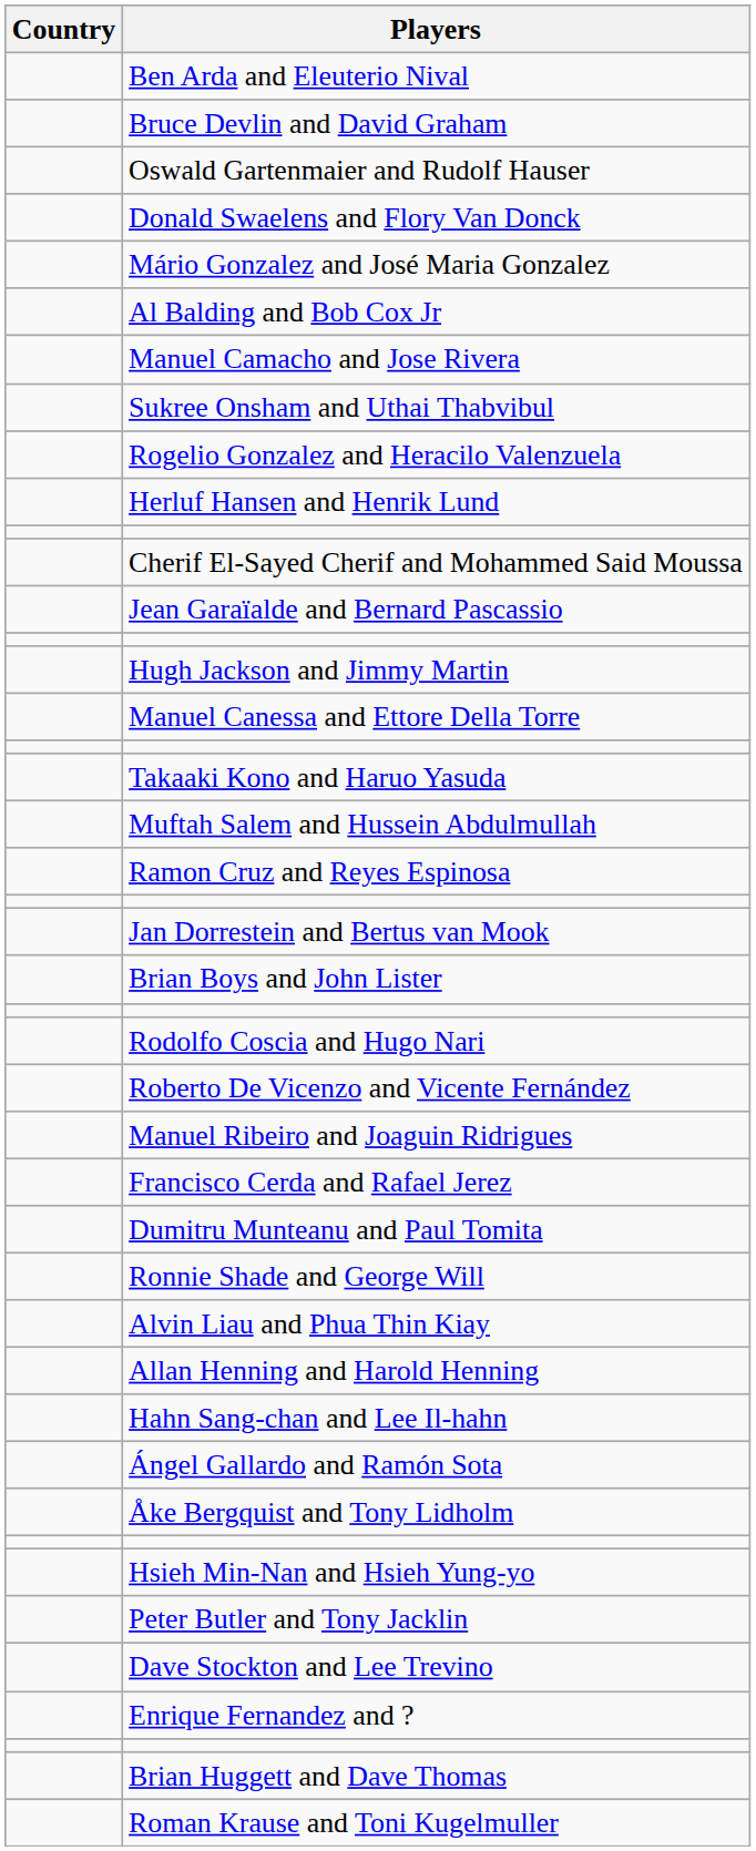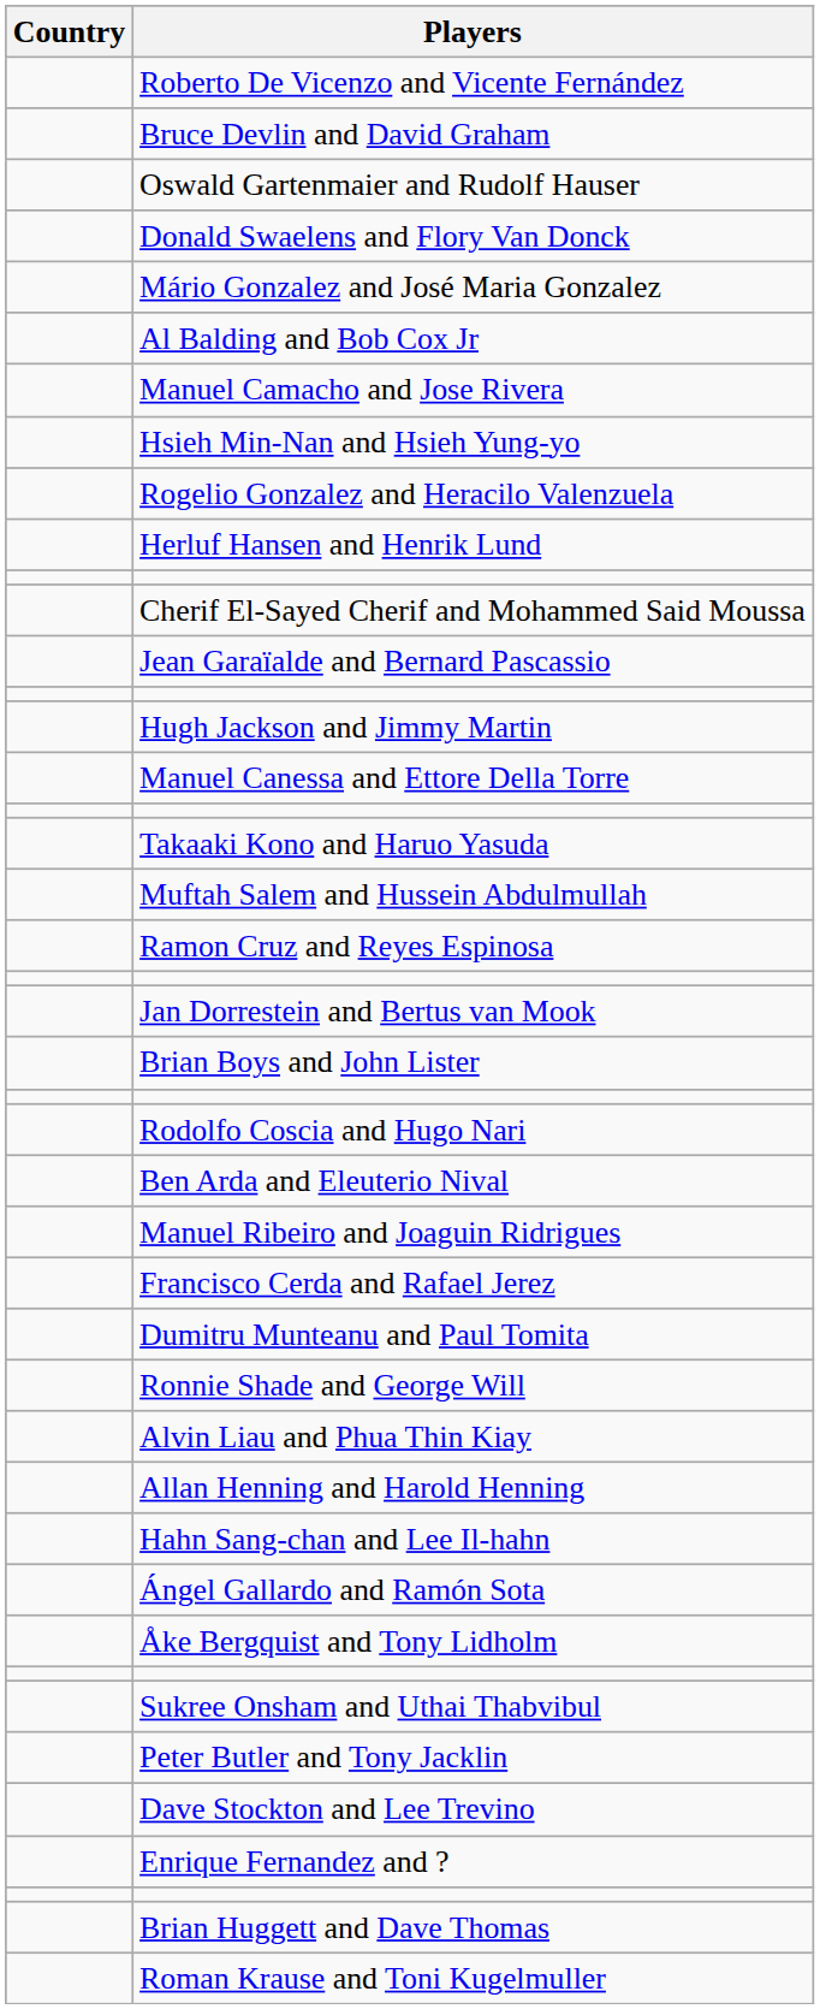 <table class="wikitable" style="font-size:95%;">
 <tr>
 <th>Country</th>
 <th>Players</th>
 </tr>
 <tr>
 <td></td>
-<td><a href='#'>Ben Arda</a> and <a href='#'>Eleuterio Nival</a></td>
+<td><a href='#'>Roberto De Vicenzo</a> and <a href='#'>Vicente Fernández</a></td>
 </tr>
 <tr>
 <td></td>
 <td><a href='#'>Bruce Devlin</a> and <a href='#'>David Graham</a></td>
 </tr>
 <tr>
 <td></td>
 <td>Oswald Gartenmaier and Rudolf Hauser</td>
 </tr>
 <tr>
 <td></td>
 <td><a href='#'>Donald Swaelens</a> and <a href='#'>Flory Van Donck</a></td>
 </tr>
 <tr>
 <td></td>
 <td><a href='#'>Mário Gonzalez</a> and José Maria Gonzalez</td>
 </tr>
 <tr>
 <td></td>
 <td><a href='#'>Al Balding</a> and <a href='#'>Bob Cox Jr</a></td>
 </tr>
 <tr>
 <td></td>
 <td><a href='#'>Manuel Camacho</a> and <a href='#'>Jose Rivera</a></td>
 </tr>
 <tr>
 <td></td>
-<td><a href='#'>Sukree Onsham</a> and <a href='#'>Uthai Thabvibul</a></td>
+<td><a href='#'>Hsieh Min-Nan</a> and <a href='#'>Hsieh Yung-yo</a></td>
 </tr>
 <tr>
 <td></td>
 <td><a href='#'>Rogelio Gonzalez</a> and <a href='#'>Heracilo Valenzuela</a></td>
 </tr>
 <tr>
 <td></td>
 <td><a href='#'>Herluf Hansen</a> and <a href='#'>Henrik Lund</a></td>
 </tr>
 <tr>
 <td></td>
 <td></td>
 </tr>
 <tr>
 <td></td>
 <td>Cherif El-Sayed Cherif and Mohammed Said Moussa</td>
 </tr>
 <tr>
 <td></td>
 <td><a href='#'>Jean Garaïalde</a> and <a href='#'>Bernard Pascassio</a></td>
 </tr>
 <tr>
 <td></td>
 <td></td>
 </tr>
 <tr>
 <td></td>
 <td><a href='#'>Hugh Jackson</a> and <a href='#'>Jimmy Martin</a></td>
 </tr>
 <tr>
 <td></td>
 <td><a href='#'>Manuel Canessa</a> and <a href='#'>Ettore Della Torre</a></td>
 </tr>
 <tr>
 <td></td>
 <td></td>
 </tr>
 <tr>
 <td></td>
 <td><a href='#'>Takaaki Kono</a> and <a href='#'>Haruo Yasuda</a></td>
 </tr>
 <tr>
 <td></td>
 <td><a href='#'>Muftah Salem</a> and <a href='#'>Hussein Abdulmullah</a></td>
 </tr>
 <tr>
 <td></td>
 <td><a href='#'>Ramon Cruz</a> and <a href='#'>Reyes Espinosa</a></td>
 </tr>
 <tr>
 <td></td>
 <td></td>
 </tr>
 <tr>
 <td></td>
 <td><a href='#'>Jan Dorrestein</a> and <a href='#'>Bertus van Mook</a></td>
 </tr>
 <tr>
 <td></td>
 <td><a href='#'>Brian Boys</a> and <a href='#'>John Lister</a></td>
 </tr>
 <tr>
 <td></td>
 <td></td>
 </tr>
 <tr>
 <td></td>
 <td><a href='#'>Rodolfo Coscia</a> and <a href='#'>Hugo Nari</a></td>
 </tr>
 <tr>
 <td></td>
-<td><a href='#'>Roberto De Vicenzo</a> and <a href='#'>Vicente Fernández</a></td>
+<td><a href='#'>Ben Arda</a> and <a href='#'>Eleuterio Nival</a></td>
 </tr>
 <tr>
 <td></td>
 <td><a href='#'>Manuel Ribeiro</a> and <a href='#'>Joaguin Ridrigues</a></td>
 </tr>
 <tr>
 <td></td>
 <td><a href='#'>Francisco Cerda</a> and <a href='#'>Rafael Jerez</a></td>
 </tr>
 <tr>
 <td></td>
 <td><a href='#'>Dumitru Munteanu</a> and <a href='#'>Paul Tomita</a></td>
 </tr>
 <tr>
 <td></td>
 <td><a href='#'>Ronnie Shade</a> and <a href='#'>George Will</a></td>
 </tr>
 <tr>
 <td></td>
 <td><a href='#'>Alvin Liau</a> and <a href='#'>Phua Thin Kiay</a></td>
 </tr>
 <tr>
 <td></td>
 <td><a href='#'>Allan Henning</a> and <a href='#'>Harold Henning</a></td>
 </tr>
 <tr>
 <td></td>
 <td><a href='#'>Hahn Sang-chan</a> and <a href='#'>Lee Il-hahn</a></td>
 </tr>
 <tr>
 <td></td>
 <td><a href='#'>Ángel Gallardo</a> and <a href='#'>Ramón Sota</a></td>
 </tr>
 <tr>
 <td></td>
 <td><a href='#'>Åke Bergquist</a> and <a href='#'>Tony Lidholm</a></td>
 </tr>
 <tr>
 <td></td>
 <td></td>
 </tr>
 <tr>
 <td></td>
-<td><a href='#'>Hsieh Min-Nan</a> and <a href='#'>Hsieh Yung-yo</a></td>
+<td><a href='#'>Sukree Onsham</a> and <a href='#'>Uthai Thabvibul</a></td>
 </tr>
 <tr>
 <td></td>
 <td><a href='#'>Peter Butler</a> and <a href='#'>Tony Jacklin</a></td>
 </tr>
 <tr>
 <td></td>
 <td><a href='#'>Dave Stockton</a> and <a href='#'>Lee Trevino</a></td>
 </tr>
 <tr>
 <td></td>
 <td><a href='#'>Enrique Fernandez</a> and ?</td>
 </tr>
 <tr>
 <td></td>
 <td></td>
 </tr>
 <tr>
 <td></td>
 <td><a href='#'>Brian Huggett</a> and <a href='#'>Dave Thomas</a></td>
 </tr>
 <tr>
 <td></td>
 <td><a href='#'>Roman Krause</a> and <a href='#'>Toni Kugelmuller</a></td>
 </tr>
 </table>
